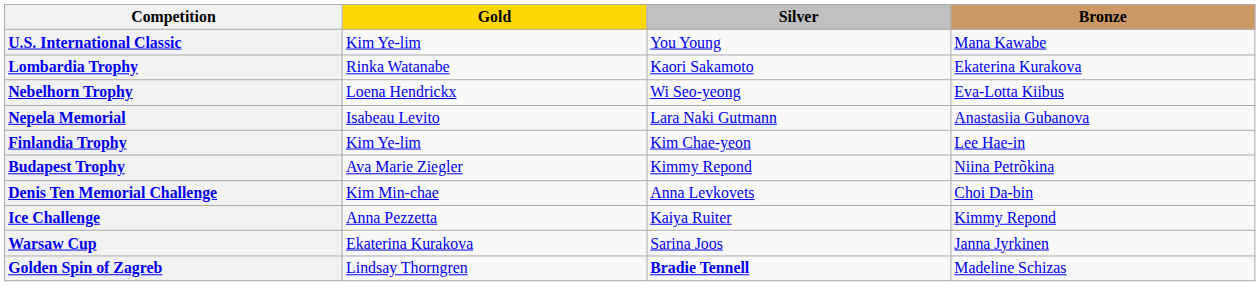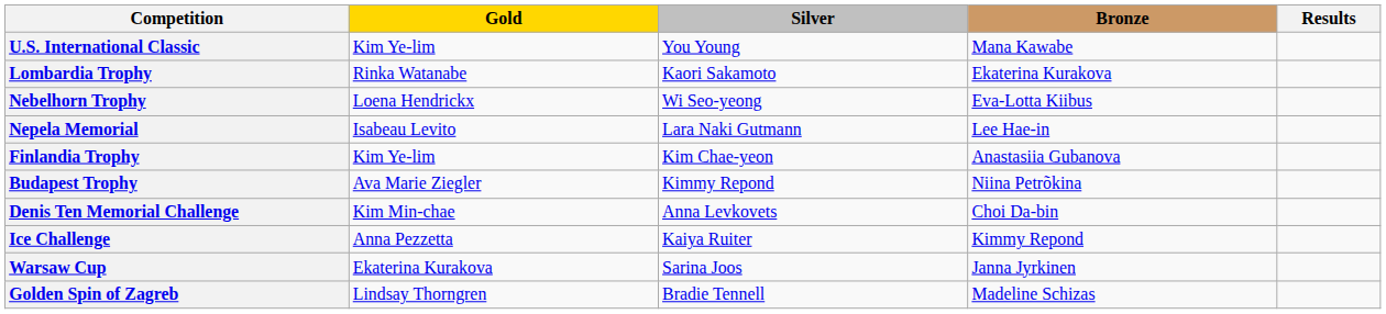 <table class="wikitable unsortable" style="text-align:left; width:100%;">
 <tr>
 <th scope="col" style="text-align:center; width:25%;">Competition</th>
 <td scope="col" style="text-align:center; width:22.5%; background:gold"><strong>Gold</strong></td>
 <td scope="col" style="text-align:center; width:22.5%; background:silver"><strong>Silver</strong></td>
 <td scope="col" style="text-align:center; width:22.5%; background:#c96"><strong>Bronze</strong></td>
+<th scope="col" style="text-align:center; width:7.5%;">Results</th>
 </tr>
 <tr>
 <th scope="row" style="text-align:left"> <a href='#'>U.S. International Classic</a></th>
 <td> <a href='#'>Kim Ye-lim</a></td>
 <td> <a href='#'>You Young</a></td>
 <td> <a href='#'>Mana Kawabe</a></td>
+<td></td>
 </tr>
 <tr>
 <th scope="row" style="text-align:left"> <a href='#'>Lombardia Trophy</a></th>
 <td> <a href='#'>Rinka Watanabe</a></td>
 <td> <a href='#'>Kaori Sakamoto</a></td>
 <td> <a href='#'>Ekaterina Kurakova</a></td>
+<td></td>
 </tr>
 <tr>
 <th scope="row" style="text-align:left"> <a href='#'>Nebelhorn Trophy</a></th>
 <td> <a href='#'>Loena Hendrickx</a></td>
 <td> <a href='#'>Wi Seo-yeong</a></td>
 <td> <a href='#'>Eva-Lotta Kiibus</a></td>
+<td></td>
 </tr>
 <tr>
 <th scope="row" style="text-align:left"> <a href='#'>Nepela Memorial</a></th>
 <td> <a href='#'>Isabeau Levito</a></td>
 <td> <a href='#'>Lara Naki Gutmann</a></td>
-<td> <a href='#'>Anastasiia Gubanova</a></td>
+<td> <a href='#'>Lee Hae-in</a></td>
+<td></td>
 </tr>
 <tr>
 <th scope="row" style="text-align:left"> <a href='#'>Finlandia Trophy</a></th>
 <td> <a href='#'>Kim Ye-lim</a></td>
 <td> <a href='#'>Kim Chae-yeon</a></td>
-<td> <a href='#'>Lee Hae-in</a></td>
+<td> <a href='#'>Anastasiia Gubanova</a></td>
+<td></td>
 </tr>
 <tr>
 <th scope="row" style="text-align:left"> <a href='#'>Budapest Trophy</a></th>
 <td> <a href='#'>Ava Marie Ziegler</a></td>
 <td> <a href='#'>Kimmy Repond</a></td>
 <td> <a href='#'>Niina Petrõkina</a></td>
+<td></td>
 </tr>
 <tr>
 <th scope="row" style="text-align:left"> <a href='#'>Denis Ten Memorial Challenge</a></th>
 <td> <a href='#'>Kim Min-chae</a></td>
 <td> <a href='#'>Anna Levkovets</a></td>
 <td> <a href='#'>Choi Da-bin</a></td>
+<td></td>
 </tr>
 <tr>
 <th scope="row" style="text-align:left"> <a href='#'>Ice Challenge</a></th>
 <td> <a href='#'>Anna Pezzetta</a></td>
 <td> <a href='#'>Kaiya Ruiter</a></td>
 <td> <a href='#'>Kimmy Repond</a></td>
+<td></td>
 </tr>
 <tr>
 <th scope="row" style="text-align:left"> <a href='#'>Warsaw Cup</a></th>
 <td> <a href='#'>Ekaterina Kurakova</a></td>
 <td> <a href='#'>Sarina Joos</a></td>
 <td> <a href='#'>Janna Jyrkinen</a></td>
+<td></td>
 </tr>
 <tr>
 <th scope="row" style="text-align:left"> <a href='#'>Golden Spin of Zagreb</a></th>
 <td> <a href='#'>Lindsay Thorngren</a></td>
-<td><strong> <a href='#'>Bradie Tennell</a></strong></td>
+<td> <a href='#'>Bradie Tennell</a></td>
 <td> <a href='#'>Madeline Schizas</a></td>
+<td></td>
 </tr>
 </table>
